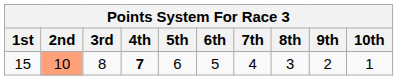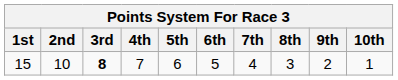 <table class="wikitable" style="font-size:95%; text-align:center">
 <tr>
 <th colspan=10>Points System For Race 3</th>
 </tr>
 <tr>
 <th> 1st </th>
 <th> 2nd </th>
 <th> 3rd </th>
 <th> 4th </th>
 <th> 5th </th>
 <th> 6th </th>
 <th> 7th </th>
 <th> 8th </th>
 <th> 9th </th>
 <th> 10th </th>
 </tr>
 <tr>
 <td>15</td>
-<td style="background: lightsalmon;">10</td>
-<td>8</td>
-<td><strong>7</strong></td>
+<td>10</td>
+<td><strong>8</strong></td>
+<td>7</td>
 <td>6</td>
 <td>5</td>
 <td>4</td>
 <td>3</td>
 <td>2</td>
 <td>1</td>
 </tr>
 </table>
